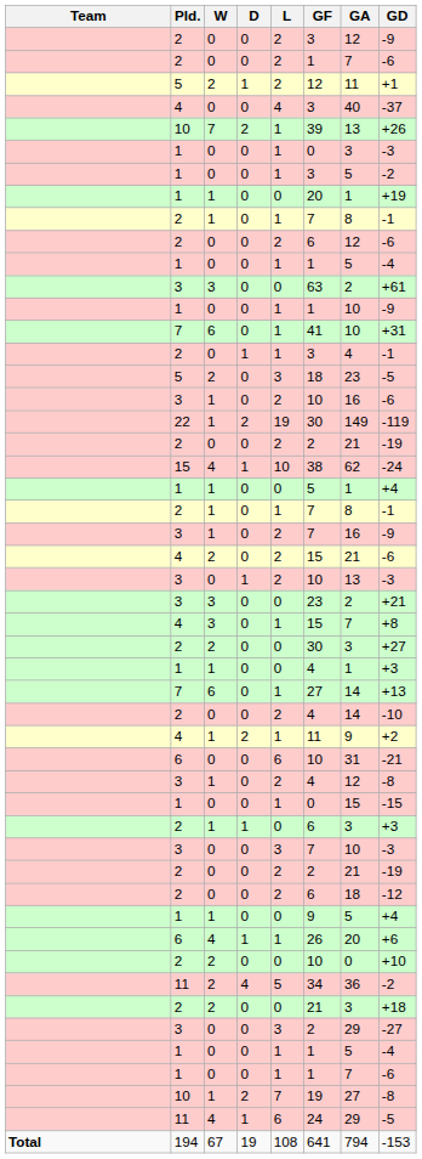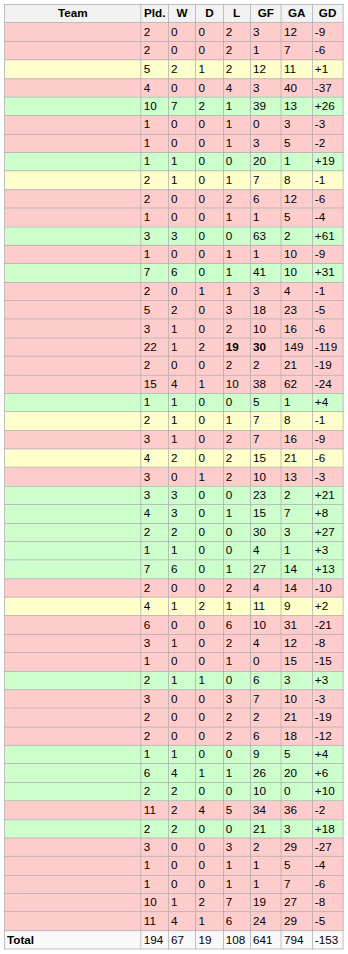 <table class="wikitable sortable">
 <tr>
 <th width=180>Team</th>
 <th width=30>Pld.</th>
 <th width=30>W</th>
 <th width=30>D</th>
 <th width=30>L</th>
 <th width=35>GF</th>
 <th width=35>GA</th>
 <th width=35>GD</th>
 </tr>
 <tr bgcolor=#FFCCCC>
 <td></td>
 <td>2</td>
 <td>0</td>
 <td>0</td>
 <td>2</td>
 <td>3</td>
 <td>12</td>
 <td>-9</td>
 </tr>
 <tr bgcolor=#FFCCCC>
 <td></td>
 <td>2</td>
 <td>0</td>
 <td>0</td>
 <td>2</td>
 <td>1</td>
 <td>7</td>
 <td>-6</td>
 </tr>
 <tr bgcolor="#FFFFCC">
 <td></td>
 <td>5</td>
 <td>2</td>
 <td>1</td>
 <td>2</td>
 <td>12</td>
 <td>11</td>
 <td>+1</td>
 </tr>
 <tr bgcolor="#FFCCCC">
 <td></td>
 <td>4</td>
 <td>0</td>
 <td>0</td>
 <td>4</td>
 <td>3</td>
 <td>40</td>
 <td>-37</td>
 </tr>
 <tr bgcolor="#CCFFCC">
 <td></td>
 <td>10</td>
 <td>7</td>
 <td>2</td>
 <td>1</td>
 <td>39</td>
 <td>13</td>
 <td>+26</td>
 </tr>
 <tr bgcolor="#FFCCCC">
 <td></td>
 <td>1</td>
 <td>0</td>
 <td>0</td>
 <td>1</td>
 <td>0</td>
 <td>3</td>
 <td>-3</td>
 </tr>
 <tr bgcolor="#FFCCCC">
 <td></td>
 <td>1</td>
 <td>0</td>
 <td>0</td>
 <td>1</td>
 <td>3</td>
 <td>5</td>
 <td>-2</td>
 </tr>
 <tr bgcolor="#CCFFCC">
 <td></td>
 <td>1</td>
 <td>1</td>
 <td>0</td>
 <td>0</td>
 <td>20</td>
 <td>1</td>
 <td>+19</td>
 </tr>
 <tr bgcolor="#FFFFCC">
 <td></td>
 <td>2</td>
 <td>1</td>
 <td>0</td>
 <td>1</td>
 <td>7</td>
 <td>8</td>
 <td>-1</td>
 </tr>
 <tr bgcolor="#FFCCCC">
 <td></td>
 <td>2</td>
 <td>0</td>
 <td>0</td>
 <td>2</td>
 <td>6</td>
 <td>12</td>
 <td>-6</td>
 </tr>
 <tr bgcolor="#FFCCCC">
 <td></td>
 <td>1</td>
 <td>0</td>
 <td>0</td>
 <td>1</td>
 <td>1</td>
 <td>5</td>
 <td>-4</td>
 </tr>
 <tr bgcolor="#CCFFCC">
 <td></td>
 <td>3</td>
 <td>3</td>
 <td>0</td>
 <td>0</td>
 <td>63</td>
 <td>2</td>
 <td>+61</td>
 </tr>
 <tr bgcolor="#FFCCCC">
 <td></td>
 <td>1</td>
 <td>0</td>
 <td>0</td>
 <td>1</td>
 <td>1</td>
 <td>10</td>
 <td>-9</td>
 </tr>
 <tr bgcolor="#CCFFCC">
 <td></td>
 <td>7</td>
 <td>6</td>
 <td>0</td>
 <td>1</td>
 <td>41</td>
 <td>10</td>
 <td>+31</td>
 </tr>
 <tr bgcolor="#FFCCCC">
 <td></td>
 <td>2</td>
 <td>0</td>
 <td>1</td>
 <td>1</td>
 <td>3</td>
 <td>4</td>
 <td>-1</td>
 </tr>
 <tr bgcolor="#FFCCCC">
 <td></td>
 <td>5</td>
 <td>2</td>
 <td>0</td>
 <td>3</td>
 <td>18</td>
 <td>23</td>
 <td>-5</td>
 </tr>
 <tr bgcolor="#FFCCCC">
 <td></td>
 <td>3</td>
 <td>1</td>
 <td>0</td>
 <td>2</td>
 <td>10</td>
 <td>16</td>
 <td>-6</td>
 </tr>
 <tr bgcolor="#FFCCCC">
 <td></td>
 <td>22</td>
 <td>1</td>
 <td>2</td>
-<td>19</td>
-<td>30</td>
+<td><strong>19</strong></td>
+<td><strong>30</strong></td>
 <td>149</td>
 <td>-119</td>
 </tr>
 <tr bgcolor="#FFCCCC">
 <td></td>
 <td>2</td>
 <td>0</td>
 <td>0</td>
 <td>2</td>
 <td>2</td>
 <td>21</td>
 <td>-19</td>
 </tr>
 <tr bgcolor="#FFCCCC">
 <td></td>
 <td>15</td>
 <td>4</td>
 <td>1</td>
 <td>10</td>
 <td>38</td>
 <td>62</td>
 <td>-24</td>
 </tr>
 <tr bgcolor="#CCFFCC">
 <td></td>
 <td>1</td>
 <td>1</td>
 <td>0</td>
 <td>0</td>
 <td>5</td>
 <td>1</td>
 <td>+4</td>
 </tr>
 <tr bgcolor="#FFFFCC">
 <td></td>
 <td>2</td>
 <td>1</td>
 <td>0</td>
 <td>1</td>
 <td>7</td>
 <td>8</td>
 <td>-1</td>
 </tr>
 <tr bgcolor="#FFCCCC">
 <td></td>
 <td>3</td>
 <td>1</td>
 <td>0</td>
 <td>2</td>
 <td>7</td>
 <td>16</td>
 <td>-9</td>
 </tr>
 <tr bgcolor="#FFFFCC">
 <td></td>
 <td>4</td>
 <td>2</td>
 <td>0</td>
 <td>2</td>
 <td>15</td>
 <td>21</td>
 <td>-6</td>
 </tr>
 <tr bgcolor="#FFCCCC">
 <td></td>
 <td>3</td>
 <td>0</td>
 <td>1</td>
 <td>2</td>
 <td>10</td>
 <td>13</td>
 <td>-3</td>
 </tr>
 <tr bgcolor="#CCFFCC">
 <td></td>
 <td>3</td>
 <td>3</td>
 <td>0</td>
 <td>0</td>
 <td>23</td>
 <td>2</td>
 <td>+21</td>
 </tr>
 <tr bgcolor="#CCFFCC">
 <td></td>
 <td>4</td>
 <td>3</td>
 <td>0</td>
 <td>1</td>
 <td>15</td>
 <td>7</td>
 <td>+8</td>
 </tr>
 <tr bgcolor="#CCFFCC">
 <td></td>
 <td>2</td>
 <td>2</td>
 <td>0</td>
 <td>0</td>
 <td>30</td>
 <td>3</td>
 <td>+27</td>
 </tr>
 <tr bgcolor="#CCFFCC">
 <td></td>
 <td>1</td>
 <td>1</td>
 <td>0</td>
 <td>0</td>
 <td>4</td>
 <td>1</td>
 <td>+3</td>
 </tr>
 <tr bgcolor="#CCFFCC">
 <td></td>
 <td>7</td>
 <td>6</td>
 <td>0</td>
 <td>1</td>
 <td>27</td>
 <td>14</td>
 <td>+13</td>
 </tr>
 <tr bgcolor="#FFCCCC">
 <td></td>
 <td>2</td>
 <td>0</td>
 <td>0</td>
 <td>2</td>
 <td>4</td>
 <td>14</td>
 <td>-10</td>
 </tr>
 <tr bgcolor="#FFFFCC">
 <td></td>
 <td>4</td>
 <td>1</td>
 <td>2</td>
 <td>1</td>
 <td>11</td>
 <td>9</td>
 <td>+2</td>
 </tr>
 <tr bgcolor="#FFCCCC">
 <td></td>
 <td>6</td>
 <td>0</td>
 <td>0</td>
 <td>6</td>
 <td>10</td>
 <td>31</td>
 <td>-21</td>
 </tr>
 <tr bgcolor="#FFCCCC">
 <td></td>
 <td>3</td>
 <td>1</td>
 <td>0</td>
 <td>2</td>
 <td>4</td>
 <td>12</td>
 <td>-8</td>
 </tr>
 <tr bgcolor="#FFCCCC">
 <td></td>
 <td>1</td>
 <td>0</td>
 <td>0</td>
 <td>1</td>
 <td>0</td>
 <td>15</td>
 <td>-15</td>
 </tr>
 <tr bgcolor="#CCFFCC">
 <td></td>
 <td>2</td>
 <td>1</td>
 <td>1</td>
 <td>0</td>
 <td>6</td>
 <td>3</td>
 <td>+3</td>
 </tr>
 <tr bgcolor="#FFCCCC">
 <td></td>
 <td>3</td>
 <td>0</td>
 <td>0</td>
 <td>3</td>
 <td>7</td>
 <td>10</td>
 <td>-3</td>
 </tr>
 <tr bgcolor="#FFCCCC">
 <td></td>
 <td>2</td>
 <td>0</td>
 <td>0</td>
 <td>2</td>
 <td>2</td>
 <td>21</td>
 <td>-19</td>
 </tr>
 <tr bgcolor="#FFCCCC">
 <td></td>
 <td>2</td>
 <td>0</td>
 <td>0</td>
 <td>2</td>
 <td>6</td>
 <td>18</td>
 <td>-12</td>
 </tr>
 <tr bgcolor="#CCFFCC">
 <td></td>
 <td>1</td>
 <td>1</td>
 <td>0</td>
 <td>0</td>
 <td>9</td>
 <td>5</td>
 <td>+4</td>
 </tr>
 <tr bgcolor="#CCFFCC">
 <td></td>
 <td>6</td>
 <td>4</td>
 <td>1</td>
 <td>1</td>
 <td>26</td>
 <td>20</td>
 <td>+6</td>
 </tr>
 <tr bgcolor="#CCFFCC">
 <td></td>
 <td>2</td>
 <td>2</td>
 <td>0</td>
 <td>0</td>
 <td>10</td>
 <td>0</td>
 <td>+10</td>
 </tr>
 <tr bgcolor="#FFCCCC">
 <td></td>
 <td>11</td>
 <td>2</td>
 <td>4</td>
 <td>5</td>
 <td>34</td>
 <td>36</td>
 <td>-2</td>
 </tr>
 <tr bgcolor="#CCFFCC">
 <td></td>
 <td>2</td>
 <td>2</td>
 <td>0</td>
 <td>0</td>
 <td>21</td>
 <td>3</td>
 <td>+18</td>
 </tr>
 <tr bgcolor="#FFCCCC">
 <td></td>
 <td>3</td>
 <td>0</td>
 <td>0</td>
 <td>3</td>
 <td>2</td>
 <td>29</td>
 <td>-27</td>
 </tr>
 <tr bgcolor=#FFCCCC>
 <td></td>
 <td>1</td>
 <td>0</td>
 <td>0</td>
 <td>1</td>
 <td>1</td>
 <td>5</td>
 <td>-4</td>
 </tr>
 <tr bgcolor=#FFCCCC>
 <td></td>
 <td>1</td>
 <td>0</td>
 <td>0</td>
 <td>1</td>
 <td>1</td>
 <td>7</td>
 <td>-6</td>
 </tr>
 <tr bgcolor=#FFCCCC>
 <td></td>
 <td>10</td>
 <td>1</td>
 <td>2</td>
 <td>7</td>
 <td>19</td>
 <td>27</td>
 <td>-8</td>
 </tr>
 <tr bgcolor=#FFCCCC>
 <td></td>
 <td>11</td>
 <td>4</td>
 <td>1</td>
 <td>6</td>
 <td>24</td>
 <td>29</td>
 <td>-5</td>
 </tr>
 <tr>
 <td><strong>Total</strong></td>
 <td>194</td>
 <td>67</td>
 <td>19</td>
 <td>108</td>
 <td>641</td>
 <td>794</td>
 <td>-153</td>
 </tr>
 </table>
